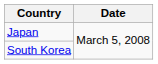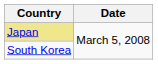 <table class="wikitable">
 <tr>
 <th>Country</th>
 <th>Date</th>
 </tr>
 <tr>
-<td><a href='#'>Japan</a></td>
+<td style="background: khaki;"><a href='#'>Japan</a></td>
 <td rowspan="2">March 5, 2008</td>
 </tr>
 <tr>
 <td><a href='#'>South Korea</a></td>
 </tr>
 </table>
